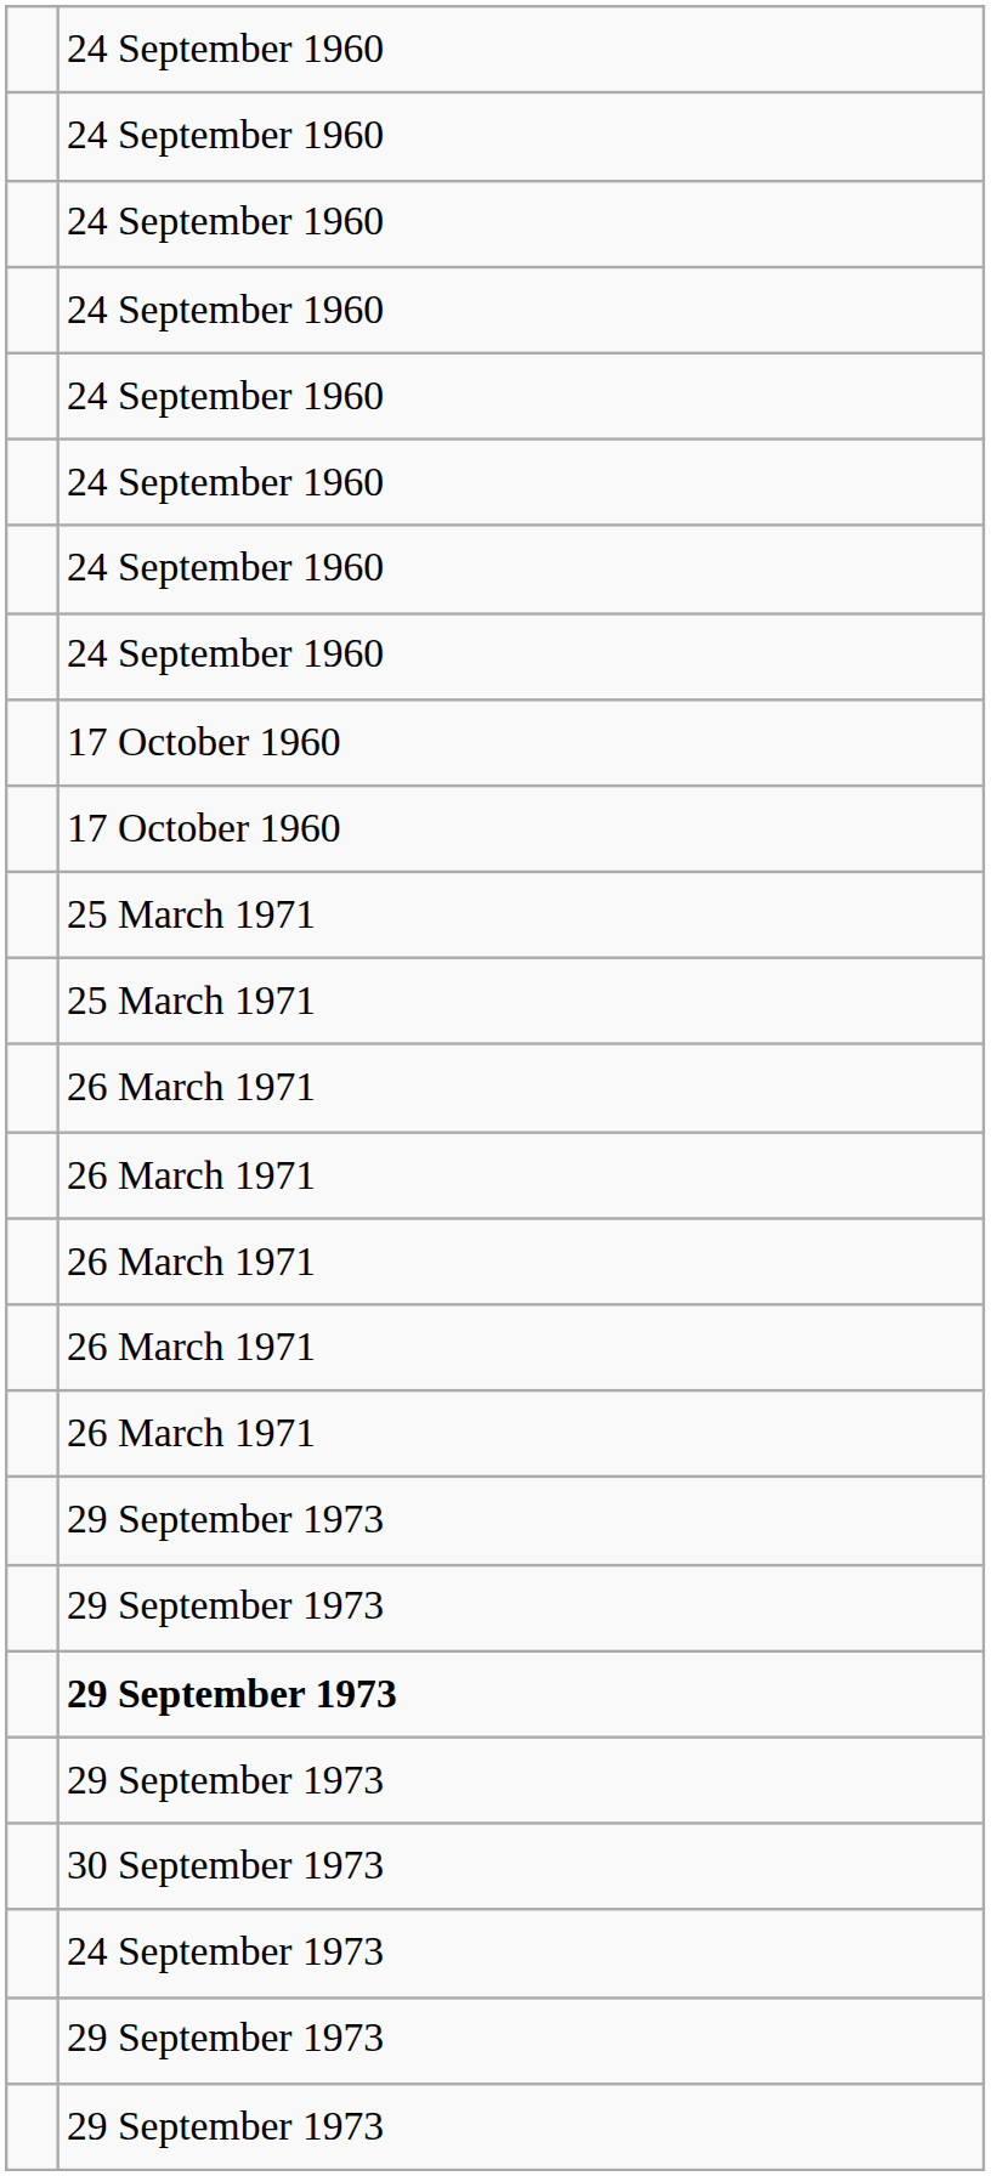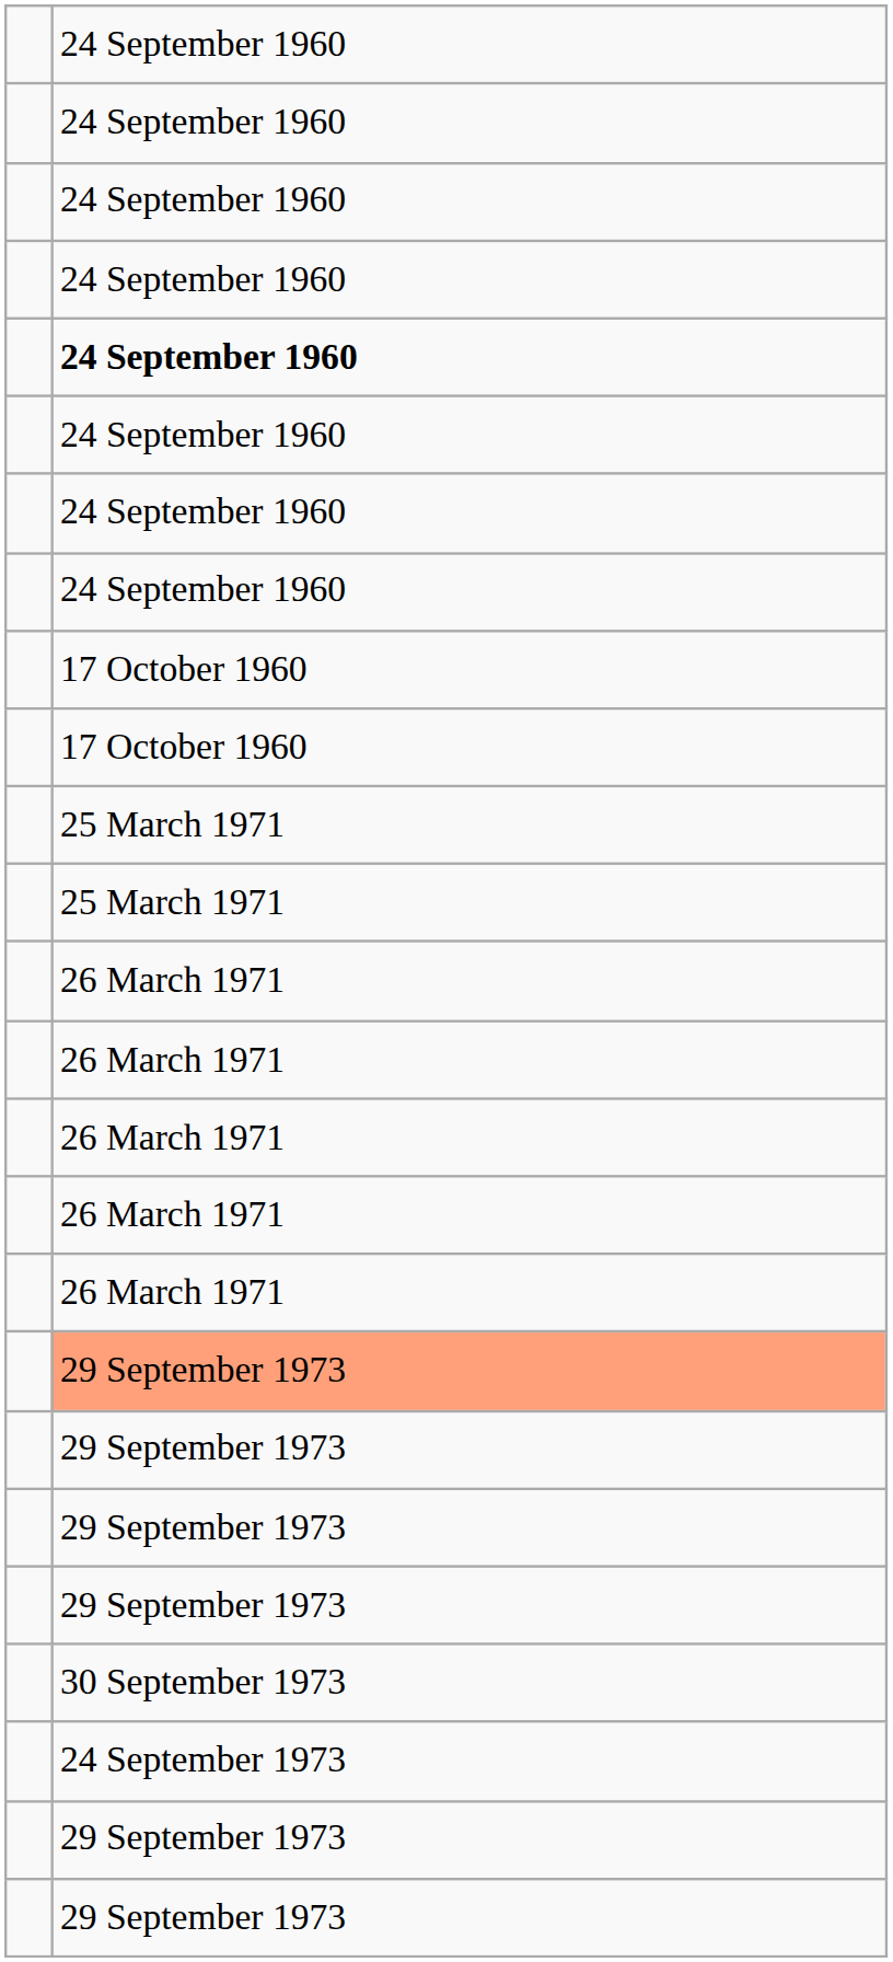 <table class="wikitable" style="font-size: 89%; float: left; width: 24em; margin-right: 1em; line-height: 1.65em">
 <tr>
 <td></td>
 <td>24 September 1960</td>
 </tr>
 <tr>
 <td></td>
 <td>24 September 1960</td>
 </tr>
 <tr>
 <td></td>
 <td>24 September 1960</td>
 </tr>
 <tr>
 <td></td>
 <td>24 September 1960</td>
 </tr>
 <tr>
 <td></td>
-<td>24 September 1960</td>
+<td><strong>24 September 1960</strong></td>
 </tr>
 <tr>
 <td></td>
 <td>24 September 1960</td>
 </tr>
 <tr>
 <td></td>
 <td>24 September 1960</td>
 </tr>
 <tr>
 <td></td>
 <td>24 September 1960</td>
 </tr>
 <tr>
 <td></td>
 <td>17 October 1960</td>
 </tr>
 <tr>
 <td></td>
 <td>17 October 1960</td>
 </tr>
 <tr>
 <td></td>
 <td>25 March 1971</td>
 </tr>
 <tr>
 <td></td>
 <td>25 March 1971</td>
 </tr>
 <tr>
 <td></td>
 <td>26 March 1971</td>
 </tr>
 <tr>
 <td></td>
 <td>26 March 1971</td>
 </tr>
 <tr>
 <td></td>
 <td>26 March 1971</td>
 </tr>
 <tr>
 <td></td>
 <td>26 March 1971</td>
 </tr>
 <tr>
 <td></td>
 <td>26 March 1971</td>
 </tr>
 <tr>
 <td></td>
-<td>29 September 1973</td>
+<td style="background: lightsalmon;">29 September 1973</td>
 </tr>
 <tr>
 <td></td>
 <td>29 September 1973</td>
 </tr>
 <tr>
 <td></td>
-<td><strong>29 September 1973</strong></td>
+<td>29 September 1973</td>
 </tr>
 <tr>
 <td></td>
 <td>29 September 1973</td>
 </tr>
 <tr>
 <td></td>
 <td>30 September 1973</td>
 </tr>
 <tr>
 <td></td>
 <td>24 September 1973</td>
 </tr>
 <tr>
 <td></td>
 <td>29 September 1973</td>
 </tr>
 <tr>
 <td></td>
 <td>29 September 1973</td>
 </tr>
 </table>
